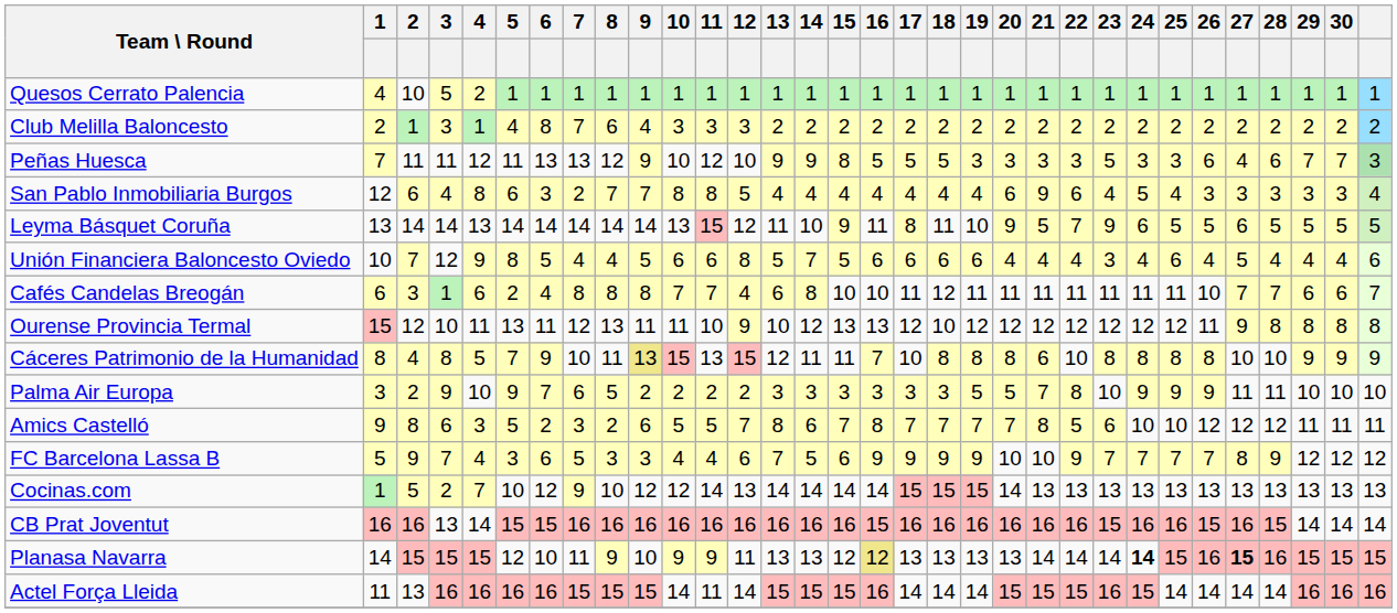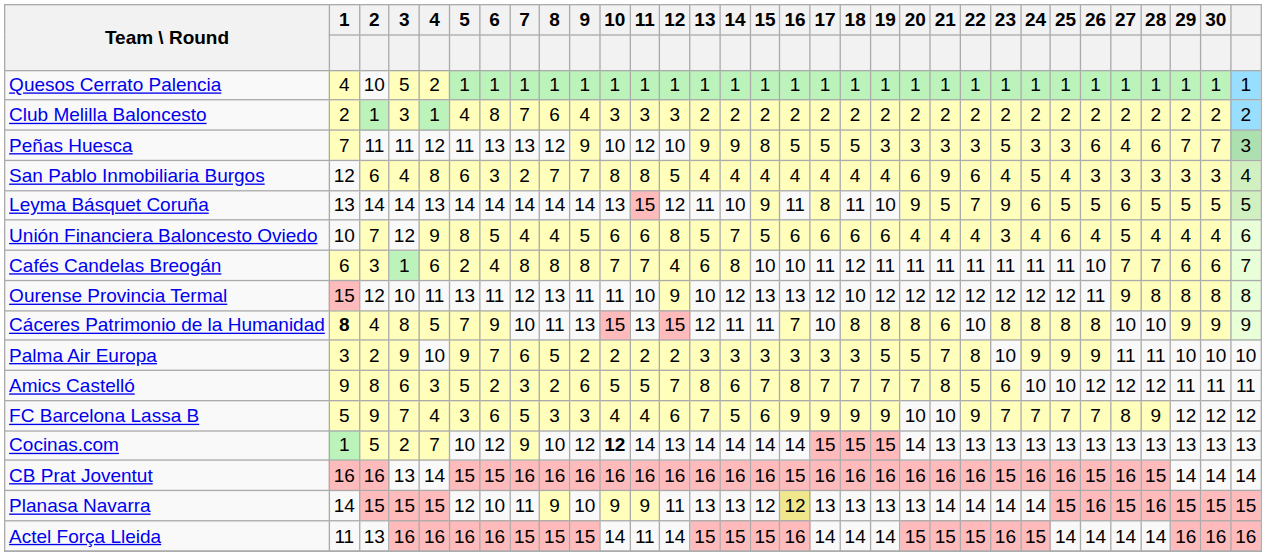 <table class="wikitable sortable" style="font-size: 90%; text-align:center;">
 <tr>
 <th rowspan="2" style="width:170">Team \ Round</th>
 <th align=center>1</th>
 <th align=center>2</th>
 <th align=center>3</th>
 <th align=center>4</th>
 <th align=center>5</th>
 <th align=center>6</th>
 <th align=center>7</th>
 <th align=center>8</th>
 <th align=center>9</th>
 <th align=center>10</th>
 <th align=center>11</th>
 <th align=center>12</th>
 <th align=center>13</th>
 <th align=center>14</th>
 <th align=center>15</th>
 <th align=center>16</th>
 <th align=center>17</th>
 <th align=center>18</th>
 <th align=center>19</th>
 <th align=center>20</th>
 <th align=center>21</th>
 <th align=center>22</th>
 <th align=center>23</th>
 <th align=center>24</th>
 <th align=center>25</th>
 <th align=center>26</th>
 <th align=center>27</th>
 <th align=center>28</th>
 <th align=center>29</th>
 <th align=center>30</th>
 <th align=center></th>
 </tr>
 <tr>
 <th style="text-align:center; height:20px;"></th>
 <th align=center></th>
 <th align=center></th>
 <th align=center></th>
 <th align=center></th>
 <th align=center></th>
 <th align=center></th>
 <th align=center></th>
 <th align=center></th>
 <th align=center></th>
 <th align=center></th>
 <th align=center></th>
 <th align=center></th>
 <th align=center></th>
 <th align=center></th>
 <th align=center></th>
 <th align=center></th>
 <th align=center></th>
 <th align=center></th>
 <th align=center></th>
 <th align=center></th>
 <th align=center></th>
 <th align=center></th>
 <th align=center></th>
 <th align=center></th>
 <th align=center></th>
 <th align=center></th>
 <th align=center></th>
 <th align=center></th>
 <th align=center></th>
 <th align=center></th>
 </tr>
 <tr>
 <td align=left><a href='#'>Quesos Cerrato Palencia</a></td>
 <td bgcolor=#FFFFBB>4</td>
 <td>10</td>
 <td bgcolor=#FFFFBB>5</td>
 <td bgcolor=#FFFFBB>2</td>
 <td bgcolor=#BBF3BB>1</td>
 <td bgcolor=#BBF3BB>1</td>
 <td bgcolor=#BBF3BB>1</td>
 <td bgcolor=#BBF3BB>1</td>
 <td bgcolor=#BBF3BB>1</td>
 <td bgcolor=#BBF3BB>1</td>
 <td bgcolor=#BBF3BB>1</td>
 <td bgcolor=#BBF3BB>1</td>
 <td bgcolor=#BBF3BB>1</td>
 <td bgcolor=#BBF3BB>1</td>
 <td bgcolor=#BBF3BB>1</td>
 <td bgcolor=#BBF3BB>1</td>
 <td bgcolor=#BBF3BB>1</td>
 <td bgcolor=#BBF3BB>1</td>
 <td bgcolor=#BBF3BB>1</td>
 <td bgcolor=#BBF3BB>1</td>
 <td bgcolor=#BBF3BB>1</td>
 <td bgcolor=#BBF3BB>1</td>
 <td bgcolor=#BBF3BB>1</td>
 <td bgcolor=#BBF3BB>1</td>
 <td bgcolor=#BBF3BB>1</td>
 <td bgcolor=#BBF3BB>1</td>
 <td bgcolor=#BBF3BB>1</td>
 <td bgcolor=#BBF3BB>1</td>
 <td bgcolor=#BBF3BB>1</td>
 <td bgcolor=#BBF3BB>1</td>
 <td bgcolor=#97DEFF>1</td>
 </tr>
 <tr>
 <td align=left><a href='#'>Club Melilla Baloncesto</a></td>
 <td bgcolor=#FFFFBB>2</td>
 <td bgcolor=#BBF3BB>1</td>
 <td bgcolor=#FFFFBB>3</td>
 <td bgcolor=#BBF3BB>1</td>
 <td bgcolor=#FFFFBB>4</td>
 <td bgcolor=#FFFFBB>8</td>
 <td bgcolor=#FFFFBB>7</td>
 <td bgcolor=#FFFFBB>6</td>
 <td bgcolor=#FFFFBB>4</td>
 <td bgcolor=#FFFFBB>3</td>
 <td bgcolor=#FFFFBB>3</td>
 <td bgcolor=#FFFFBB>3</td>
 <td bgcolor=#FFFFBB>2</td>
 <td bgcolor=#FFFFBB>2</td>
 <td bgcolor=#FFFFBB>2</td>
 <td bgcolor=#FFFFBB>2</td>
 <td bgcolor=#FFFFBB>2</td>
 <td bgcolor=#FFFFBB>2</td>
 <td bgcolor=#FFFFBB>2</td>
 <td bgcolor=#FFFFBB>2</td>
 <td bgcolor=#FFFFBB>2</td>
 <td bgcolor=#FFFFBB>2</td>
 <td bgcolor=#FFFFBB>2</td>
 <td bgcolor=#FFFFBB>2</td>
 <td bgcolor=#FFFFBB>2</td>
 <td bgcolor=#FFFFBB>2</td>
 <td bgcolor=#FFFFBB>2</td>
 <td bgcolor=#FFFFBB>2</td>
 <td bgcolor=#FFFFBB>2</td>
 <td bgcolor=#FFFFBB>2</td>
 <td bgcolor=#97DEFF>2</td>
 </tr>
 <tr>
 <td align=left><a href='#'>Peñas Huesca</a></td>
 <td bgcolor=#FFFFBB>7</td>
 <td>11</td>
 <td>11</td>
 <td>12</td>
 <td>11</td>
 <td>13</td>
 <td>13</td>
 <td>12</td>
 <td bgcolor=#FFFFBB>9</td>
 <td>10</td>
 <td>12</td>
 <td>10</td>
 <td bgcolor=#FFFFBB>9</td>
 <td bgcolor=#FFFFBB>9</td>
 <td bgcolor=#FFFFBB>8</td>
 <td bgcolor=#FFFFBB>5</td>
 <td bgcolor=#FFFFBB>5</td>
 <td bgcolor=#FFFFBB>5</td>
 <td bgcolor=#FFFFBB>3</td>
 <td bgcolor=#FFFFBB>3</td>
 <td bgcolor=#FFFFBB>3</td>
 <td bgcolor=#FFFFBB>3</td>
 <td bgcolor=#FFFFBB>5</td>
 <td bgcolor=#FFFFBB>3</td>
 <td bgcolor=#FFFFBB>3</td>
 <td bgcolor=#FFFFBB>6</td>
 <td bgcolor=#FFFFBB>4</td>
 <td bgcolor=#FFFFBB>6</td>
 <td bgcolor=#FFFFBB>7</td>
 <td bgcolor=#FFFFBB>7</td>
 <td bgcolor=#ACE1AF>3</td>
 </tr>
 <tr>
 <td align=left><a href='#'>San Pablo Inmobiliaria Burgos</a></td>
 <td>12</td>
 <td bgcolor=#FFFFBB>6</td>
 <td bgcolor=#FFFFBB>4</td>
 <td bgcolor=#FFFFBB>8</td>
 <td bgcolor=#FFFFBB>6</td>
 <td bgcolor=#FFFFBB>3</td>
 <td bgcolor=#FFFFBB>2</td>
 <td bgcolor=#FFFFBB>7</td>
 <td bgcolor=#FFFFBB>7</td>
 <td bgcolor=#FFFFBB>8</td>
 <td bgcolor=#FFFFBB>8</td>
 <td bgcolor=#FFFFBB>5</td>
 <td bgcolor=#FFFFBB>4</td>
 <td bgcolor=#FFFFBB>4</td>
 <td bgcolor=#FFFFBB>4</td>
 <td bgcolor=#FFFFBB>4</td>
 <td bgcolor=#FFFFBB>4</td>
 <td bgcolor=#FFFFBB>4</td>
 <td bgcolor=#FFFFBB>4</td>
 <td bgcolor=#FFFFBB>6</td>
 <td bgcolor=#FFFFBB>9</td>
 <td bgcolor=#FFFFBB>6</td>
 <td bgcolor=#FFFFBB>4</td>
 <td bgcolor=#FFFFBB>5</td>
 <td bgcolor=#FFFFBB>4</td>
 <td bgcolor=#FFFFBB>3</td>
 <td bgcolor=#FFFFBB>3</td>
 <td bgcolor=#FFFFBB>3</td>
 <td bgcolor=#FFFFBB>3</td>
 <td bgcolor=#FFFFBB>3</td>
 <td bgcolor=#D0F0C0>4</td>
 </tr>
 <tr>
 <td align=left><a href='#'>Leyma Básquet Coruña</a></td>
 <td>13</td>
 <td>14</td>
 <td>14</td>
 <td>13</td>
 <td>14</td>
 <td>14</td>
 <td>14</td>
 <td>14</td>
 <td>14</td>
 <td>13</td>
 <td bgcolor=#FFBBBB>15</td>
 <td>12</td>
 <td>11</td>
 <td>10</td>
 <td bgcolor=#FFFFBB>9</td>
 <td>11</td>
 <td bgcolor=#FFFFBB>8</td>
 <td>11</td>
 <td>10</td>
 <td bgcolor=#FFFFBB>9</td>
 <td bgcolor=#FFFFBB>5</td>
 <td bgcolor=#FFFFBB>7</td>
 <td bgcolor=#FFFFBB>9</td>
 <td bgcolor=#FFFFBB>6</td>
 <td bgcolor=#FFFFBB>5</td>
 <td bgcolor=#FFFFBB>5</td>
 <td bgcolor=#FFFFBB>6</td>
 <td bgcolor=#FFFFBB>5</td>
 <td bgcolor=#FFFFBB>5</td>
 <td bgcolor=#FFFFBB>5</td>
 <td bgcolor=#D0F0C0>5</td>
 </tr>
 <tr>
 <td align=left><a href='#'>Unión Financiera Baloncesto Oviedo</a></td>
 <td>10</td>
 <td bgcolor=#FFFFBB>7</td>
 <td>12</td>
 <td bgcolor=#FFFFBB>9</td>
 <td bgcolor=#FFFFBB>8</td>
 <td bgcolor=#FFFFBB>5</td>
 <td bgcolor=#FFFFBB>4</td>
 <td bgcolor=#FFFFBB>4</td>
 <td bgcolor=#FFFFBB>5</td>
 <td bgcolor=#FFFFBB>6</td>
 <td bgcolor=#FFFFBB>6</td>
 <td bgcolor=#FFFFBB>8</td>
 <td bgcolor=#FFFFBB>5</td>
 <td bgcolor=#FFFFBB>7</td>
 <td bgcolor=#FFFFBB>5</td>
 <td bgcolor=#FFFFBB>6</td>
 <td bgcolor=#FFFFBB>6</td>
 <td bgcolor=#FFFFBB>6</td>
 <td bgcolor=#FFFFBB>6</td>
 <td bgcolor=#FFFFBB>4</td>
 <td bgcolor=#FFFFBB>4</td>
 <td bgcolor=#FFFFBB>4</td>
 <td bgcolor=#FFFFBB>3</td>
 <td bgcolor=#FFFFBB>4</td>
 <td bgcolor=#FFFFBB>6</td>
 <td bgcolor=#FFFFBB>4</td>
 <td bgcolor=#FFFFBB>5</td>
 <td bgcolor=#FFFFBB>4</td>
 <td bgcolor=#FFFFBB>4</td>
 <td bgcolor=#FFFFBB>4</td>
 <td bgcolor=#E8FFD8>6</td>
 </tr>
 <tr>
 <td align=left><a href='#'>Cafés Candelas Breogán</a></td>
 <td bgcolor=#FFFFBB>6</td>
 <td bgcolor=#FFFFBB>3</td>
 <td bgcolor=#BBF3BB>1</td>
 <td bgcolor=#FFFFBB>6</td>
 <td bgcolor=#FFFFBB>2</td>
 <td bgcolor=#FFFFBB>4</td>
 <td bgcolor=#FFFFBB>8</td>
 <td bgcolor=#FFFFBB>8</td>
 <td bgcolor=#FFFFBB>8</td>
 <td bgcolor=#FFFFBB>7</td>
 <td bgcolor=#FFFFBB>7</td>
 <td bgcolor=#FFFFBB>4</td>
 <td bgcolor=#FFFFBB>6</td>
 <td bgcolor=#FFFFBB>8</td>
 <td>10</td>
 <td>10</td>
 <td>11</td>
 <td>12</td>
 <td>11</td>
 <td>11</td>
 <td>11</td>
 <td>11</td>
 <td>11</td>
 <td>11</td>
 <td>11</td>
 <td>10</td>
 <td bgcolor=#FFFFBB>7</td>
 <td bgcolor=#FFFFBB>7</td>
 <td bgcolor=#FFFFBB>6</td>
 <td bgcolor=#FFFFBB>6</td>
 <td bgcolor=#E8FFD8>7</td>
 </tr>
 <tr>
 <td align=left><a href='#'>Ourense Provincia Termal</a></td>
 <td bgcolor=#FFBBBB>15</td>
 <td>12</td>
 <td>10</td>
 <td>11</td>
 <td>13</td>
 <td>11</td>
 <td>12</td>
 <td>13</td>
 <td>11</td>
 <td>11</td>
 <td>10</td>
 <td bgcolor=#FFFFBB>9</td>
 <td>10</td>
 <td>12</td>
 <td>13</td>
 <td>13</td>
 <td>12</td>
 <td>10</td>
 <td>12</td>
 <td>12</td>
 <td>12</td>
 <td>12</td>
 <td>12</td>
 <td>12</td>
 <td>12</td>
 <td>11</td>
 <td bgcolor=#FFFFBB>9</td>
 <td bgcolor=#FFFFBB>8</td>
 <td bgcolor=#FFFFBB>8</td>
 <td bgcolor=#FFFFBB>8</td>
 <td bgcolor=#E8FFD8>8</td>
 </tr>
 <tr>
 <td align=left><a href='#'>Cáceres Patrimonio de la Humanidad</a></td>
-<td bgcolor=#FFFFBB>8</td>
+<td bgcolor=#FFFFBB><strong>8</strong></td>
 <td bgcolor=#FFFFBB>4</td>
 <td bgcolor=#FFFFBB>8</td>
 <td bgcolor=#FFFFBB>5</td>
 <td bgcolor=#FFFFBB>7</td>
 <td bgcolor=#FFFFBB>9</td>
 <td>10</td>
 <td>11</td>
-<td style="background: khaki;">13</td>
+<td>13</td>
 <td bgcolor=#FFBBBB>15</td>
 <td>13</td>
 <td bgcolor=#FFBBBB>15</td>
 <td>12</td>
 <td>11</td>
 <td>11</td>
 <td bgcolor=#FFFFBB>7</td>
 <td>10</td>
 <td bgcolor=#FFFFBB>8</td>
 <td bgcolor=#FFFFBB>8</td>
 <td bgcolor=#FFFFBB>8</td>
 <td bgcolor=#FFFFBB>6</td>
 <td>10</td>
 <td bgcolor=#FFFFBB>8</td>
 <td bgcolor=#FFFFBB>8</td>
 <td bgcolor=#FFFFBB>8</td>
 <td bgcolor=#FFFFBB>8</td>
 <td>10</td>
 <td>10</td>
 <td bgcolor=#FFFFBB>9</td>
 <td bgcolor=#FFFFBB>9</td>
 <td bgcolor=#E8FFD8>9</td>
 </tr>
 <tr>
 <td align=left><a href='#'>Palma Air Europa</a></td>
 <td bgcolor=#FFFFBB>3</td>
 <td bgcolor=#FFFFBB>2</td>
 <td bgcolor=#FFFFBB>9</td>
 <td>10</td>
 <td bgcolor=#FFFFBB>9</td>
 <td bgcolor=#FFFFBB>7</td>
 <td bgcolor=#FFFFBB>6</td>
 <td bgcolor=#FFFFBB>5</td>
 <td bgcolor=#FFFFBB>2</td>
 <td bgcolor=#FFFFBB>2</td>
 <td bgcolor=#FFFFBB>2</td>
 <td bgcolor=#FFFFBB>2</td>
 <td bgcolor=#FFFFBB>3</td>
 <td bgcolor=#FFFFBB>3</td>
 <td bgcolor=#FFFFBB>3</td>
 <td bgcolor=#FFFFBB>3</td>
 <td bgcolor=#FFFFBB>3</td>
 <td bgcolor=#FFFFBB>3</td>
 <td bgcolor=#FFFFBB>5</td>
 <td bgcolor=#FFFFBB>5</td>
 <td bgcolor=#FFFFBB>7</td>
 <td bgcolor=#FFFFBB>8</td>
 <td>10</td>
 <td bgcolor=#FFFFBB>9</td>
 <td bgcolor=#FFFFBB>9</td>
 <td bgcolor=#FFFFBB>9</td>
 <td>11</td>
 <td>11</td>
 <td>10</td>
 <td>10</td>
 <td>10</td>
 </tr>
 <tr>
 <td align=left><a href='#'>Amics Castelló</a></td>
 <td bgcolor=#FFFFBB>9</td>
 <td bgcolor=#FFFFBB>8</td>
 <td bgcolor=#FFFFBB>6</td>
 <td bgcolor=#FFFFBB>3</td>
 <td bgcolor=#FFFFBB>5</td>
 <td bgcolor=#FFFFBB>2</td>
 <td bgcolor=#FFFFBB>3</td>
 <td bgcolor=#FFFFBB>2</td>
 <td bgcolor=#FFFFBB>6</td>
 <td bgcolor=#FFFFBB>5</td>
 <td bgcolor=#FFFFBB>5</td>
 <td bgcolor=#FFFFBB>7</td>
 <td bgcolor=#FFFFBB>8</td>
 <td bgcolor=#FFFFBB>6</td>
 <td bgcolor=#FFFFBB>7</td>
 <td bgcolor=#FFFFBB>8</td>
 <td bgcolor=#FFFFBB>7</td>
 <td bgcolor=#FFFFBB>7</td>
 <td bgcolor=#FFFFBB>7</td>
 <td bgcolor=#FFFFBB>7</td>
 <td bgcolor=#FFFFBB>8</td>
 <td bgcolor=#FFFFBB>5</td>
 <td bgcolor=#FFFFBB>6</td>
 <td>10</td>
 <td>10</td>
 <td>12</td>
 <td>12</td>
 <td>12</td>
 <td>11</td>
 <td>11</td>
 <td>11</td>
 </tr>
 <tr>
 <td align=left><a href='#'>FC Barcelona Lassa B</a></td>
 <td bgcolor=#FFFFBB>5</td>
 <td bgcolor=#FFFFBB>9</td>
 <td bgcolor=#FFFFBB>7</td>
 <td bgcolor=#FFFFBB>4</td>
 <td bgcolor=#FFFFBB>3</td>
 <td bgcolor=#FFFFBB>6</td>
 <td bgcolor=#FFFFBB>5</td>
 <td bgcolor=#FFFFBB>3</td>
 <td bgcolor=#FFFFBB>3</td>
 <td bgcolor=#FFFFBB>4</td>
 <td bgcolor=#FFFFBB>4</td>
 <td bgcolor=#FFFFBB>6</td>
 <td bgcolor=#FFFFBB>7</td>
 <td bgcolor=#FFFFBB>5</td>
 <td bgcolor=#FFFFBB>6</td>
 <td bgcolor=#FFFFBB>9</td>
 <td bgcolor=#FFFFBB>9</td>
 <td bgcolor=#FFFFBB>9</td>
 <td bgcolor=#FFFFBB>9</td>
 <td>10</td>
 <td>10</td>
 <td bgcolor=#FFFFBB>9</td>
 <td bgcolor=#FFFFBB>7</td>
 <td bgcolor=#FFFFBB>7</td>
 <td bgcolor=#FFFFBB>7</td>
 <td bgcolor=#FFFFBB>7</td>
 <td bgcolor=#FFFFBB>8</td>
 <td bgcolor=#FFFFBB>9</td>
 <td>12</td>
 <td>12</td>
 <td>12</td>
 </tr>
 <tr>
 <td align=left><a href='#'>Cocinas.com</a></td>
 <td bgcolor=#BBF3BB>1</td>
 <td bgcolor=#FFFFBB>5</td>
 <td bgcolor=#FFFFBB>2</td>
 <td bgcolor=#FFFFBB>7</td>
 <td>10</td>
 <td>12</td>
 <td bgcolor=#FFFFBB>9</td>
 <td>10</td>
 <td>12</td>
-<td>12</td>
+<td><strong>12</strong></td>
 <td>14</td>
 <td>13</td>
 <td>14</td>
 <td>14</td>
 <td>14</td>
 <td>14</td>
 <td bgcolor=#FFBBBB>15</td>
 <td bgcolor=#FFBBBB>15</td>
 <td bgcolor=#FFBBBB>15</td>
 <td>14</td>
 <td>13</td>
 <td>13</td>
 <td>13</td>
 <td>13</td>
 <td>13</td>
 <td>13</td>
 <td>13</td>
 <td>13</td>
 <td>13</td>
 <td>13</td>
 <td>13</td>
 </tr>
 <tr>
 <td align=left><a href='#'>CB Prat Joventut</a></td>
 <td bgcolor=#FFBBBB>16</td>
 <td bgcolor=#FFBBBB>16</td>
 <td>13</td>
 <td>14</td>
 <td bgcolor=#FFBBBB>15</td>
 <td bgcolor=#FFBBBB>15</td>
 <td bgcolor=#FFBBBB>16</td>
 <td bgcolor=#FFBBBB>16</td>
 <td bgcolor=#FFBBBB>16</td>
 <td bgcolor=#FFBBBB>16</td>
 <td bgcolor=#FFBBBB>16</td>
 <td bgcolor=#FFBBBB>16</td>
 <td bgcolor=#FFBBBB>16</td>
 <td bgcolor=#FFBBBB>16</td>
 <td bgcolor=#FFBBBB>16</td>
 <td bgcolor=#FFBBBB>15</td>
 <td bgcolor=#FFBBBB>16</td>
 <td bgcolor=#FFBBBB>16</td>
 <td bgcolor=#FFBBBB>16</td>
 <td bgcolor=#FFBBBB>16</td>
 <td bgcolor=#FFBBBB>16</td>
 <td bgcolor=#FFBBBB>16</td>
 <td bgcolor=#FFBBBB>15</td>
 <td bgcolor=#FFBBBB>16</td>
 <td bgcolor=#FFBBBB>16</td>
 <td bgcolor=#FFBBBB>15</td>
 <td bgcolor=#FFBBBB>16</td>
 <td bgcolor=#FFBBBB>15</td>
 <td>14</td>
 <td>14</td>
 <td>14</td>
 </tr>
 <tr>
 <td align=left><a href='#'>Planasa Navarra</a></td>
 <td>14</td>
 <td bgcolor=#FFBBBB>15</td>
 <td bgcolor=#FFBBBB>15</td>
 <td bgcolor=#FFBBBB>15</td>
 <td>12</td>
 <td>10</td>
 <td>11</td>
 <td bgcolor=#FFFFBB>9</td>
 <td>10</td>
 <td bgcolor=#FFFFBB>9</td>
 <td bgcolor=#FFFFBB>9</td>
 <td>11</td>
 <td>13</td>
 <td>13</td>
 <td>12</td>
 <td style="background: khaki;">12</td>
 <td>13</td>
 <td>13</td>
 <td>13</td>
 <td>13</td>
 <td>14</td>
 <td>14</td>
 <td>14</td>
-<td><strong>14</strong></td>
+<td>14</td>
 <td bgcolor=#FFBBBB>15</td>
 <td bgcolor=#FFBBBB>16</td>
-<td bgcolor=#FFBBBB><strong>15</strong></td>
+<td bgcolor=#FFBBBB>15</td>
 <td bgcolor=#FFBBBB>16</td>
 <td bgcolor=#FFBBBB>15</td>
 <td bgcolor=#FFBBBB>15</td>
 <td bgcolor=#FFBBBB>15</td>
 </tr>
 <tr>
 <td align=left><a href='#'>Actel Força Lleida</a></td>
 <td>11</td>
 <td>13</td>
 <td bgcolor=#FFBBBB>16</td>
 <td bgcolor=#FFBBBB>16</td>
 <td bgcolor=#FFBBBB>16</td>
 <td bgcolor=#FFBBBB>16</td>
 <td bgcolor=#FFBBBB>15</td>
 <td bgcolor=#FFBBBB>15</td>
 <td bgcolor=#FFBBBB>15</td>
 <td>14</td>
 <td>11</td>
 <td>14</td>
 <td bgcolor=#FFBBBB>15</td>
 <td bgcolor=#FFBBBB>15</td>
 <td bgcolor=#FFBBBB>15</td>
 <td bgcolor=#FFBBBB>16</td>
 <td>14</td>
 <td>14</td>
 <td>14</td>
 <td bgcolor=#FFBBBB>15</td>
 <td bgcolor=#FFBBBB>15</td>
 <td bgcolor=#FFBBBB>15</td>
 <td bgcolor=#FFBBBB>16</td>
 <td bgcolor=#FFBBBB>15</td>
 <td>14</td>
 <td>14</td>
 <td>14</td>
 <td>14</td>
 <td bgcolor=#FFBBBB>16</td>
 <td bgcolor=#FFBBBB>16</td>
 <td bgcolor=#FFBBBB>16</td>
 </tr>
 <tr>
 </tr>
 </table>
